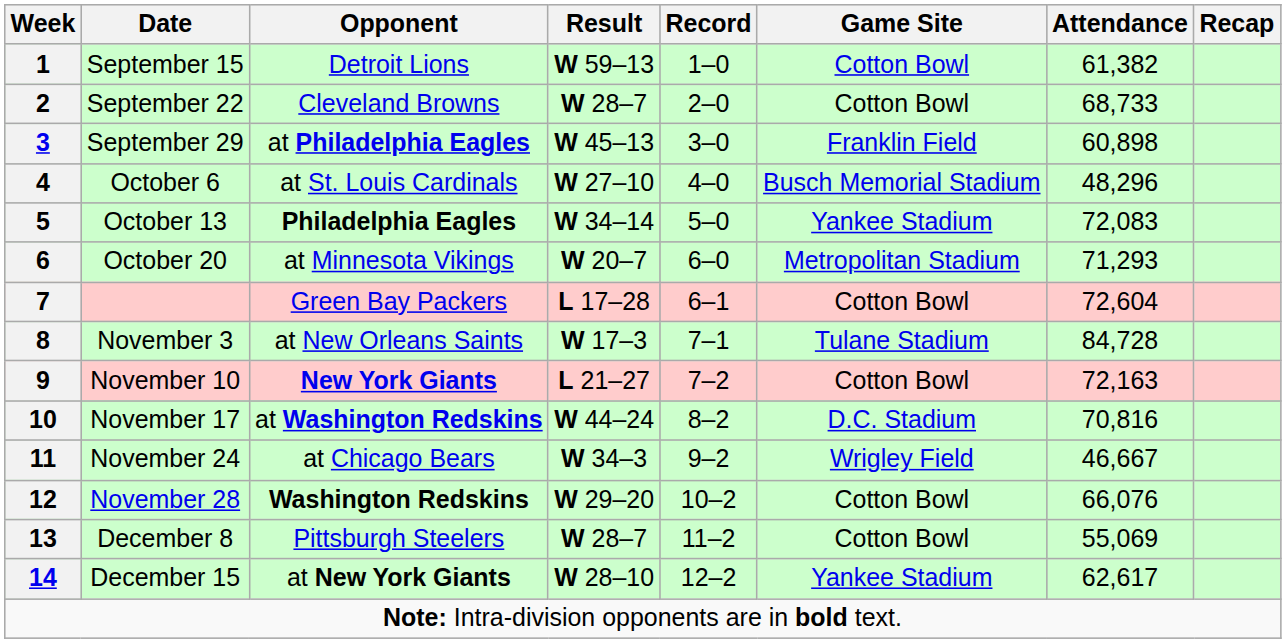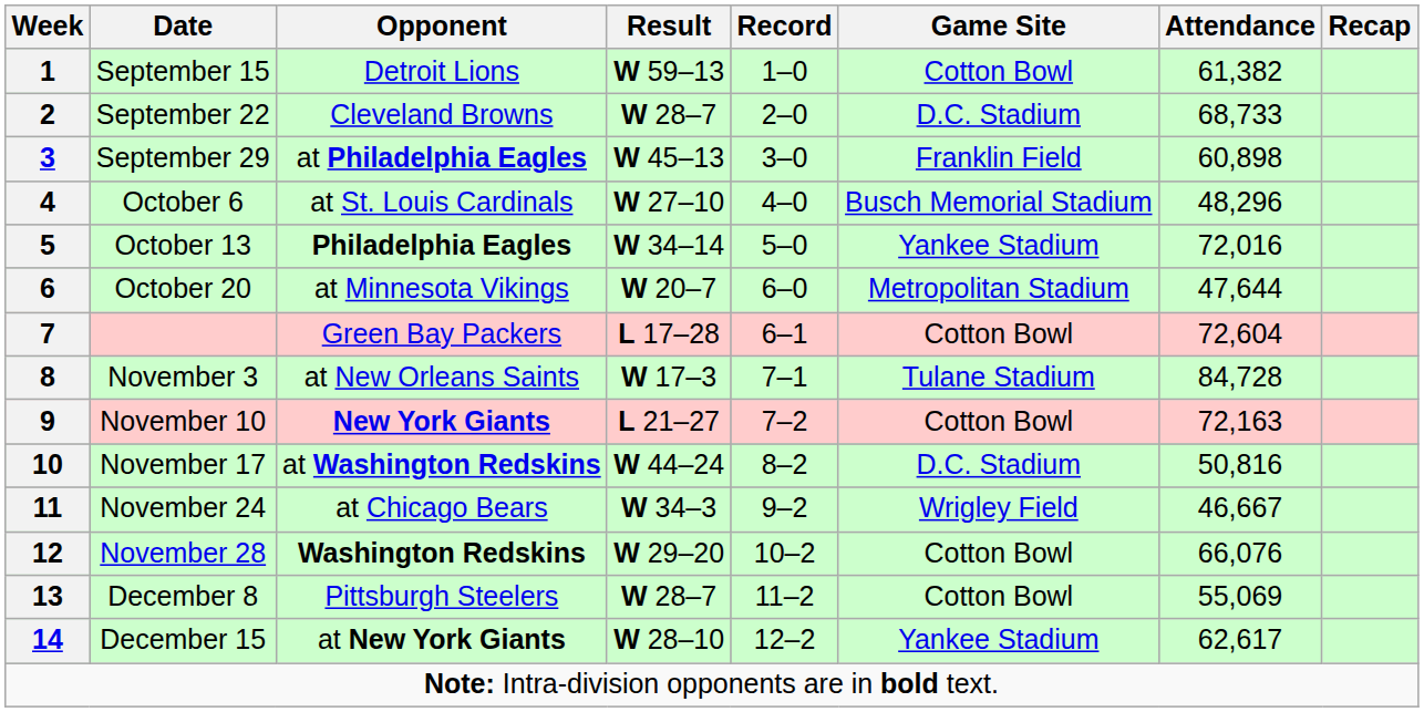 <table class="wikitable" style="text-align:center">
 <tr>
 <th>Week</th>
 <th>Date</th>
 <th>Opponent</th>
 <th>Result</th>
 <th>Record</th>
 <th>Game Site</th>
 <th>Attendance</th>
 <th>Recap</th>
 </tr>
 <tr style="background:#cfc">
 <th>1</th>
 <td>September 15</td>
 <td><a href='#'>Detroit Lions</a></td>
 <td><strong>W</strong> 59–13</td>
 <td>1–0</td>
 <td><a href='#'>Cotton Bowl</a></td>
 <td>61,382</td>
 <td></td>
 </tr>
 <tr style="background:#cfc">
 <th>2</th>
 <td>September 22</td>
 <td><a href='#'>Cleveland Browns</a></td>
 <td><strong>W</strong> 28–7</td>
 <td>2–0</td>
-<td>Cotton Bowl</td>
+<td><a href='#'>D.C. Stadium</a></td>
 <td>68,733</td>
 <td></td>
 </tr>
 <tr style="background:#cfc">
 <th><a href='#'>3</a></th>
 <td>September 29</td>
 <td>at <strong><a href='#'>Philadelphia Eagles</a></strong></td>
 <td><strong>W</strong> 45–13</td>
 <td>3–0</td>
 <td><a href='#'>Franklin Field</a></td>
 <td>60,898</td>
 <td></td>
 </tr>
 <tr style="background:#cfc">
 <th>4</th>
 <td>October 6</td>
 <td>at <a href='#'>St. Louis Cardinals</a></td>
 <td><strong>W</strong> 27–10</td>
 <td>4–0</td>
 <td><a href='#'>Busch Memorial Stadium</a></td>
 <td>48,296</td>
 <td></td>
 </tr>
 <tr style="background:#cfc">
 <th>5</th>
 <td>October 13</td>
 <td><strong>Philadelphia Eagles</strong></td>
 <td><strong>W</strong> 34–14</td>
 <td>5–0</td>
 <td><a href='#'>Yankee Stadium</a></td>
-<td>72,083</td>
+<td>72,016</td>
 <td></td>
 </tr>
 <tr style="background:#cfc">
 <th>6</th>
 <td>October 20</td>
 <td>at <a href='#'>Minnesota Vikings</a></td>
 <td><strong>W</strong> 20–7</td>
 <td>6–0</td>
 <td><a href='#'>Metropolitan Stadium</a></td>
-<td>71,293</td>
+<td>47,644</td>
 <td></td>
 </tr>
 <tr style="background:#fcc">
 <th>7</th>
 <td></td>
 <td><a href='#'>Green Bay Packers</a></td>
 <td><strong>L</strong> 17–28</td>
 <td>6–1</td>
 <td>Cotton Bowl</td>
 <td>72,604</td>
 <td></td>
 </tr>
 <tr style="background:#cfc">
 <th>8</th>
 <td>November 3</td>
 <td>at <a href='#'>New Orleans Saints</a></td>
 <td><strong>W</strong> 17–3</td>
 <td>7–1</td>
 <td><a href='#'>Tulane Stadium</a></td>
 <td>84,728</td>
 <td></td>
 </tr>
 <tr style="background:#fcc">
 <th>9</th>
 <td>November 10</td>
 <td><strong><a href='#'>New York Giants</a></strong></td>
 <td><strong>L</strong> 21–27</td>
 <td>7–2</td>
 <td>Cotton Bowl</td>
 <td>72,163</td>
 <td></td>
 </tr>
 <tr style="background:#cfc">
 <th>10</th>
 <td>November 17</td>
 <td>at <strong><a href='#'>Washington Redskins</a></strong></td>
 <td><strong>W</strong> 44–24</td>
 <td>8–2</td>
 <td><a href='#'>D.C. Stadium</a></td>
-<td>70,816</td>
+<td>50,816</td>
 <td></td>
 </tr>
 <tr style="background:#cfc">
 <th>11</th>
 <td>November 24</td>
 <td>at <a href='#'>Chicago Bears</a></td>
 <td><strong>W</strong> 34–3</td>
 <td>9–2</td>
 <td><a href='#'>Wrigley Field</a></td>
 <td>46,667</td>
 <td></td>
 </tr>
 <tr style="background:#cfc">
 <th>12</th>
 <td><a href='#'>November 28</a></td>
 <td><strong>Washington Redskins</strong></td>
 <td><strong>W</strong> 29–20</td>
 <td>10–2</td>
 <td>Cotton Bowl</td>
 <td>66,076</td>
 <td></td>
 </tr>
 <tr style="background:#cfc">
 <th>13</th>
 <td>December 8</td>
 <td><a href='#'>Pittsburgh Steelers</a></td>
 <td><strong>W</strong> 28–7</td>
 <td>11–2</td>
 <td>Cotton Bowl</td>
 <td>55,069</td>
 <td></td>
 </tr>
 <tr style="background:#cfc">
 <th><a href='#'>14</a></th>
 <td>December 15</td>
 <td>at <strong>New York Giants</strong></td>
 <td><strong>W</strong> 28–10</td>
 <td>12–2</td>
 <td><a href='#'>Yankee Stadium</a></td>
 <td>62,617</td>
 <td></td>
 </tr>
 <tr>
 <td colspan="8"><strong>Note:</strong> Intra-division opponents are in <strong>bold</strong> text.</td>
 </tr>
 </table>
